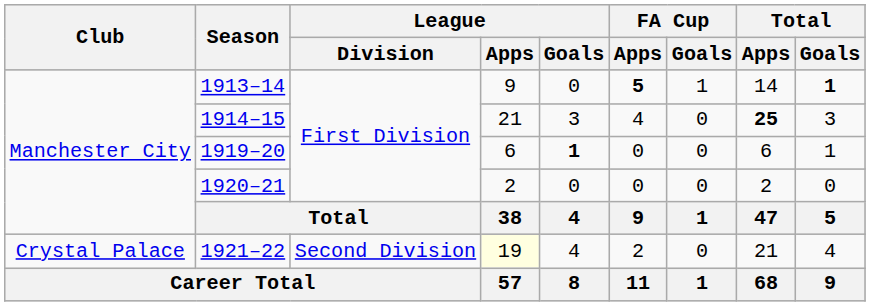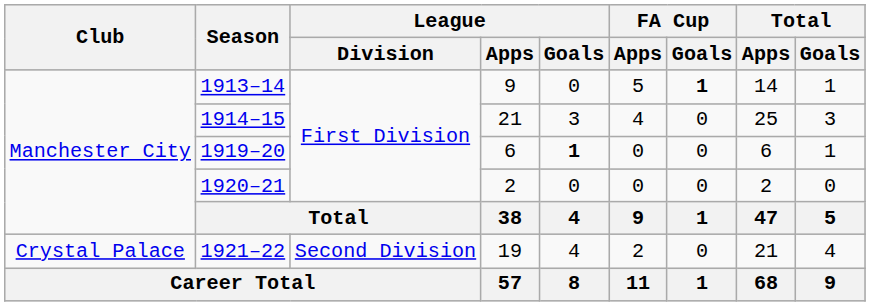 <table class="wikitable" style="text-align: center;">
 <tr>
 <th rowspan="2">Club</th>
 <th rowspan="2">Season</th>
 <th colspan="3">League</th>
 <th colspan="2">FA Cup</th>
 <th colspan="2">Total</th>
 </tr>
 <tr>
 <th>Division</th>
 <th>Apps</th>
 <th>Goals</th>
 <th>Apps</th>
 <th>Goals</th>
 <th>Apps</th>
 <th>Goals</th>
 </tr>
 <tr>
 <td rowspan="5"><a href='#'>Manchester City</a></td>
 <td><a href='#'>1913–14</a></td>
 <td rowspan="4"><a href='#'>First Division</a></td>
 <td>9</td>
 <td>0</td>
-<td><strong>5</strong></td>
+<td>5</td>
+<td><strong>1</strong></td>
+<td>14</td>
 <td>1</td>
-<td>14</td>
-<td><strong>1</strong></td>
 </tr>
 <tr>
 <td><a href='#'>1914–15</a></td>
 <td>21</td>
 <td>3</td>
 <td>4</td>
 <td>0</td>
-<td><strong>25</strong></td>
+<td>25</td>
 <td>3</td>
 </tr>
 <tr>
 <td><a href='#'>1919–20</a></td>
 <td>6</td>
 <td><strong>1</strong></td>
 <td>0</td>
 <td>0</td>
 <td>6</td>
 <td>1</td>
 </tr>
 <tr>
 <td><a href='#'>1920–21</a></td>
 <td>2</td>
 <td>0</td>
 <td>0</td>
 <td>0</td>
 <td>2</td>
 <td>0</td>
 </tr>
 <tr>
 <th colspan="2">Total</th>
 <th>38</th>
 <th>4</th>
 <th>9</th>
 <th>1</th>
 <th>47</th>
 <th>5</th>
 </tr>
 <tr>
 <td><a href='#'>Crystal Palace</a></td>
 <td><a href='#'>1921–22</a></td>
 <td><a href='#'>Second Division</a></td>
-<td style="background: lightyellow;">19</td>
+<td>19</td>
 <td>4</td>
 <td>2</td>
 <td>0</td>
 <td>21</td>
 <td>4</td>
 </tr>
 <tr>
 <th colspan="3">Career Total</th>
 <th>57</th>
 <th>8</th>
 <th>11</th>
 <th>1</th>
 <th>68</th>
 <th>9</th>
 </tr>
 </table>
